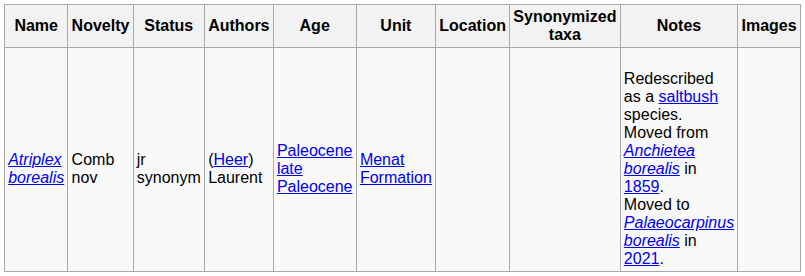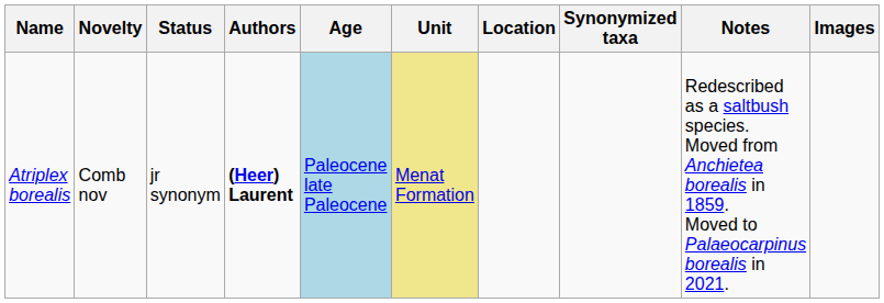 <table class="wikitable sortable" align="center" width="75%">
 <tr>
 <th>Name</th>
 <th>Novelty</th>
 <th>Status</th>
 <th>Authors</th>
 <th>Age</th>
 <th>Unit</th>
 <th>Location</th>
 <th>Synonymized taxa</th>
 <th>Notes</th>
 <th>Images</th>
 </tr>
 <tr>
 <td><br><em><a href='#'>Atriplex borealis</a></em></td>
 <td><br>Comb nov</td>
 <td><br>jr synonym</td>
-<td><br>(<a href='#'>Heer</a>) Laurent</td>
-<td><br><a href='#'>Paleocene</a><br><a href='#'>late Paleocene</a></td>
-<td><br><a href='#'>Menat Formation</a></td>
+<td><strong><br>(<a href='#'>Heer</a>) Laurent</strong></td>
+<td style="background: lightblue;"><br><a href='#'>Paleocene</a><br><a href='#'>late Paleocene</a></td>
+<td style="background: khaki;"><br><a href='#'>Menat Formation</a></td>
 <td><br><br></td>
 <td></td>
 <td><br>Redescribed as a <a href='#'>saltbush</a> species.<br>Moved from <em><a href='#'>Anchietea borealis</a></em> in <a href='#'>1859</a>.<br> Moved to <em><a href='#'>Palaeocarpinus borealis</a></em> in <a href='#'>2021</a>.</td>
 <td></td>
 </tr>
 <tr>
 </tr>
 </table>
